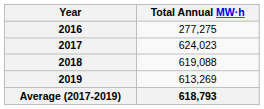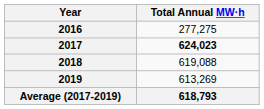 <table class=wikitable style="text-align:center; font-size:0.9em; width:350px;">
 <tr>
 <th>Year</th>
 <th>Total Annual <a href='#'>MW·h</a></th>
 </tr>
 <tr>
 <th>2016</th>
 <td>277,275</td>
 </tr>
 <tr>
 <th>2017</th>
-<td>624,023</td>
+<td><strong>624,023</strong></td>
 </tr>
 <tr>
 <th>2018</th>
 <td>619,088</td>
 </tr>
 <tr>
 <th>2019</th>
 <td>613,269</td>
 </tr>
 <tr>
 <th>Average (2017-2019)</th>
 <th>618,793</th>
 </tr>
 </table>
